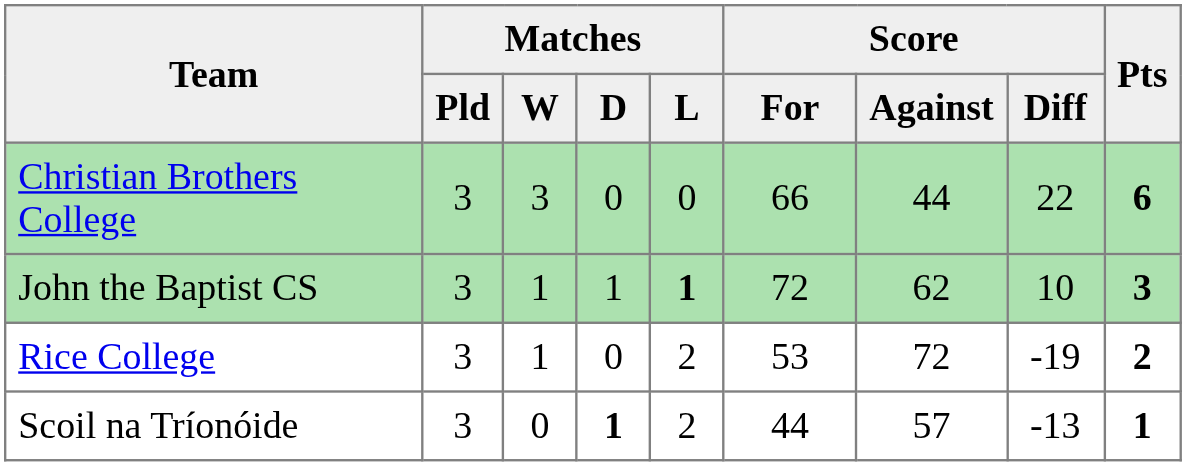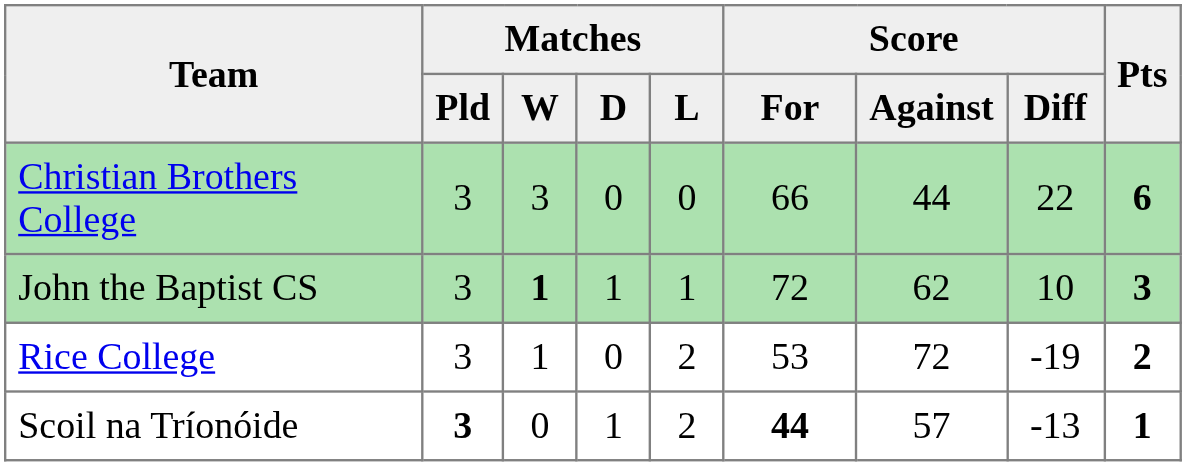 <table style=border-collapse:collapse border=1 cellspacing=0 cellpadding=5>
 <tr align=center bgcolor=#efefef>
 <th rowspan=2 width=165>Team</th>
 <th colspan=4>Matches</th>
 <th colspan=3>Score</th>
 <th rowspan=2width=20>Pts</th>
 </tr>
 <tr align=center bgcolor=#efefef>
 <th width=20>Pld</th>
 <th width=20>W</th>
 <th width=20>D</th>
 <th width=20>L</th>
 <th width=45>For</th>
 <th width=45>Against</th>
 <th width=30>Diff</th>
 </tr>
 <tr align=center style="background:#ACE1AF;">
 <td style="text-align:left;"><a href='#'>Christian Brothers College</a></td>
 <td>3</td>
 <td>3</td>
 <td>0</td>
 <td>0</td>
 <td>66</td>
 <td>44</td>
 <td>22</td>
 <td><strong>6</strong></td>
 </tr>
 <tr align=center style="background:#ACE1AF;">
 <td style="text-align:left;">John the Baptist CS</td>
 <td>3</td>
+<td><strong>1</strong></td>
 <td>1</td>
 <td>1</td>
-<td><strong>1</strong></td>
 <td>72</td>
 <td>62</td>
 <td>10</td>
 <td><strong>3</strong></td>
 </tr>
 <tr align=center>
 <td style="text-align:left;"><a href='#'>Rice College</a></td>
 <td>3</td>
 <td>1</td>
 <td>0</td>
 <td>2</td>
 <td>53</td>
 <td>72</td>
 <td>-19</td>
 <td><strong>2</strong></td>
 </tr>
 <tr align=center>
 <td style="text-align:left;">Scoil na Tríonóide</td>
-<td>3</td>
+<td><strong>3</strong></td>
 <td>0</td>
-<td><strong>1</strong></td>
+<td>1</td>
 <td>2</td>
-<td>44</td>
+<td><strong>44</strong></td>
 <td>57</td>
 <td>-13</td>
 <td><strong>1</strong></td>
 </tr>
 </table>
